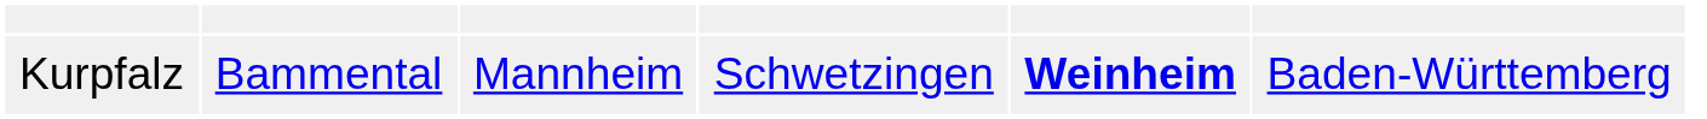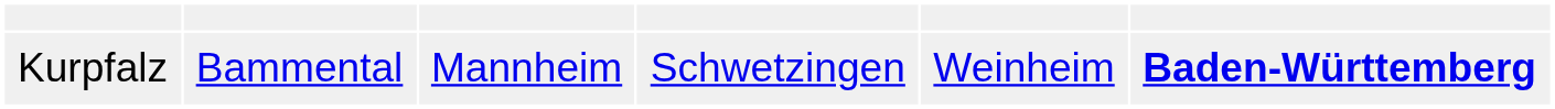 <table border="0" cellpadding="5" cellspacing="1">
 <tr>
 <td style="background:#f0f0f0;" align="center"></td>
 <td style="background:#f0f0f0;" align="center"></td>
 <td style="background:#f0f0f0;" align="center"></td>
 <td style="background:#f0f0f0;" align="center"></td>
 <td style="background:#f0f0f0;" align="center"></td>
 <td style="background:#f0f0f0;" align="center"></td>
 </tr>
 <tr>
 <td style="background:#f0f0f0;" align="center">Kurpfalz</td>
 <td style="background:#f0f0f0;" align="center"><a href='#'>Bammental</a></td>
 <td style="background:#f0f0f0;" align="center"><a href='#'>Mannheim</a></td>
 <td style="background:#f0f0f0;" align="center"><a href='#'>Schwetzingen</a></td>
-<td style="background:#f0f0f0;" align="center"><strong><a href='#'>Weinheim</a></strong></td>
-<td style="background:#f0f0f0;" align="center"><a href='#'>Baden-Württemberg</a></td>
+<td style="background:#f0f0f0;" align="center"><a href='#'>Weinheim</a></td>
+<td style="background:#f0f0f0;" align="center"><strong><a href='#'>Baden-Württemberg</a></strong></td>
 </tr>
 </table>
